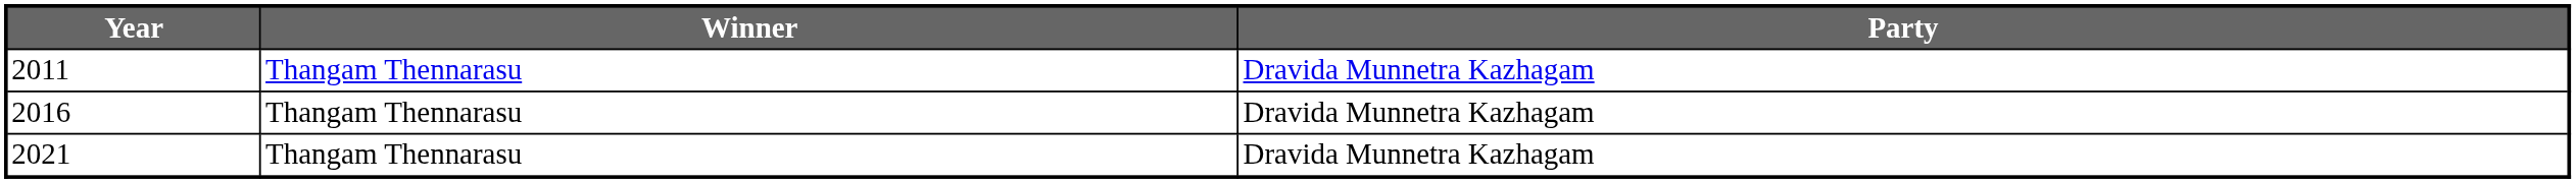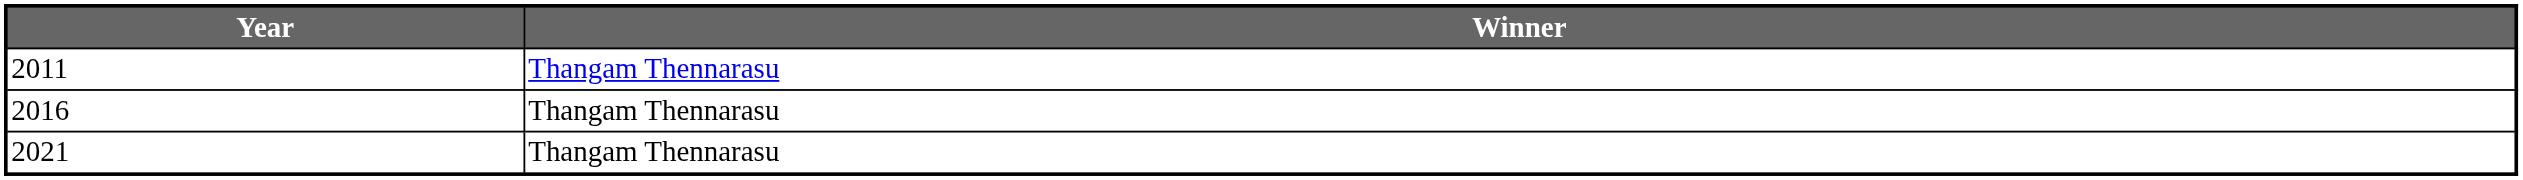 <table width="70%" cellpadding="2" cellspacing="0" border="1" style="border-collapse: collapse; border: 2px #000000 solid; font-size: x-big; font-family: verdana">
 <tr>
 <th style="background-color:#666666; color:white">Year</th>
 <th style="background-color:#666666; color:white">Winner</th>
-<th style="background-color:#666666; color:white">Party</th>
 </tr>
 <tr>
 <td>2011</td>
 <td><a href='#'>Thangam Thennarasu</a></td>
-<td><a href='#'>Dravida Munnetra Kazhagam</a></td>
 </tr>
 <tr>
 <td>2016</td>
 <td>Thangam Thennarasu</td>
-<td>Dravida Munnetra Kazhagam</td>
 </tr>
 <tr>
 <td>2021</td>
 <td>Thangam Thennarasu</td>
-<td>Dravida Munnetra Kazhagam</td>
 </tr>
 </table>
